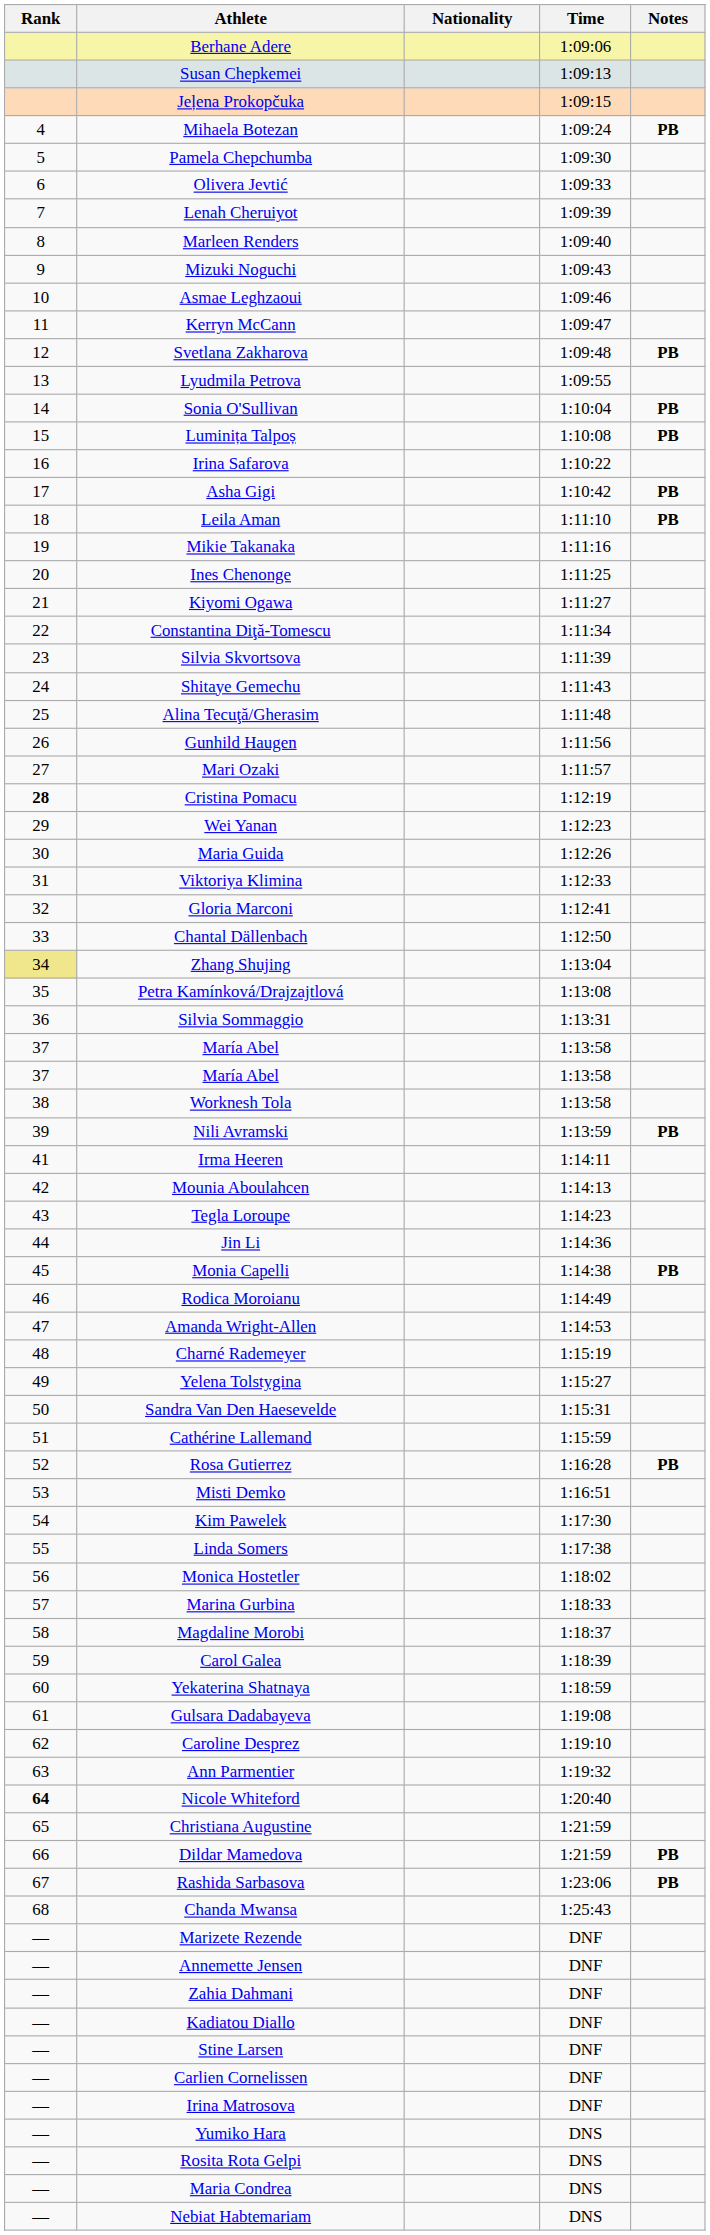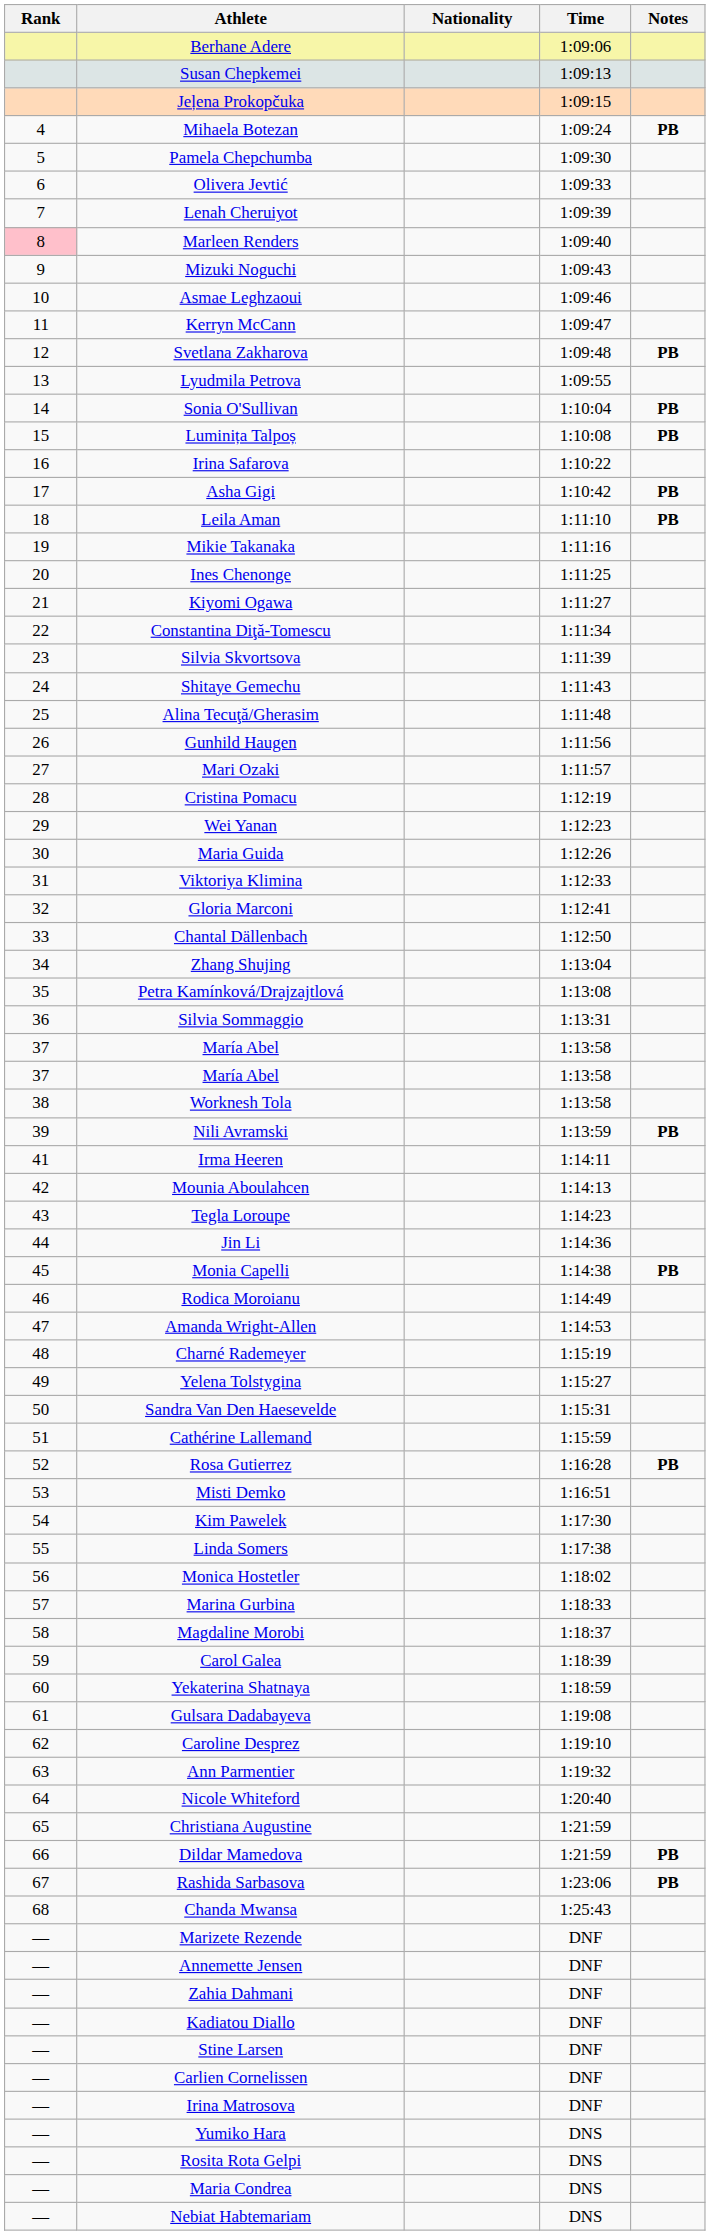 <table class="wikitable sortable" style=" text-align:center; font-size:95%;" width="50%">
 <tr>
 <th>Rank</th>
 <th>Athlete</th>
 <th>Nationality</th>
 <th>Time</th>
 <th>Notes</th>
 </tr>
 <tr bgcolor="#F7F6A8">
 <td align=center></td>
 <td><a href='#'>Berhane Adere</a></td>
 <td></td>
 <td>1:09:06</td>
 <td></td>
 </tr>
 <tr bgcolor="#DCE5E5">
 <td align=center></td>
 <td><a href='#'>Susan Chepkemei</a></td>
 <td></td>
 <td>1:09:13</td>
 <td></td>
 </tr>
 <tr bgcolor="#FFDAB9">
 <td align=center></td>
 <td><a href='#'>Jeļena Prokopčuka</a></td>
 <td></td>
 <td>1:09:15</td>
 <td></td>
 </tr>
 <tr>
 <td align=center>4</td>
 <td><a href='#'>Mihaela Botezan</a></td>
 <td></td>
 <td>1:09:24</td>
 <td><strong>PB</strong></td>
 </tr>
 <tr>
 <td align=center>5</td>
 <td><a href='#'>Pamela Chepchumba</a></td>
 <td></td>
 <td>1:09:30</td>
 <td></td>
 </tr>
 <tr>
 <td align=center>6</td>
 <td><a href='#'>Olivera Jevtić</a></td>
 <td></td>
 <td>1:09:33</td>
 <td></td>
 </tr>
 <tr>
 <td align=center>7</td>
 <td><a href='#'>Lenah Cheruiyot</a></td>
 <td></td>
 <td>1:09:39</td>
 <td></td>
 </tr>
 <tr>
-<td align=center>8</td>
+<td align=center style="background: pink;">8</td>
 <td><a href='#'>Marleen Renders</a></td>
 <td></td>
 <td>1:09:40</td>
 <td></td>
 </tr>
 <tr>
 <td align=center>9</td>
 <td><a href='#'>Mizuki Noguchi</a></td>
 <td></td>
 <td>1:09:43</td>
 <td></td>
 </tr>
 <tr>
 <td align=center>10</td>
 <td><a href='#'>Asmae Leghzaoui</a></td>
 <td></td>
 <td>1:09:46</td>
 <td></td>
 </tr>
 <tr>
 <td align=center>11</td>
 <td><a href='#'>Kerryn McCann</a></td>
 <td></td>
 <td>1:09:47</td>
 <td></td>
 </tr>
 <tr>
 <td align=center>12</td>
 <td><a href='#'>Svetlana Zakharova</a></td>
 <td></td>
 <td>1:09:48</td>
 <td><strong>PB</strong></td>
 </tr>
 <tr>
 <td align=center>13</td>
 <td><a href='#'>Lyudmila Petrova</a></td>
 <td></td>
 <td>1:09:55</td>
 <td></td>
 </tr>
 <tr>
 <td align=center>14</td>
 <td><a href='#'>Sonia O'Sullivan</a></td>
 <td></td>
 <td>1:10:04</td>
 <td><strong>PB</strong></td>
 </tr>
 <tr>
 <td align=center>15</td>
 <td><a href='#'>Luminița Talpoș</a></td>
 <td></td>
 <td>1:10:08</td>
 <td><strong>PB</strong></td>
 </tr>
 <tr>
 <td align=center>16</td>
 <td><a href='#'>Irina Safarova</a></td>
 <td></td>
 <td>1:10:22</td>
 <td></td>
 </tr>
 <tr>
 <td align=center>17</td>
 <td><a href='#'>Asha Gigi</a></td>
 <td></td>
 <td>1:10:42</td>
 <td><strong>PB</strong></td>
 </tr>
 <tr>
 <td align=center>18</td>
 <td><a href='#'>Leila Aman</a></td>
 <td></td>
 <td>1:11:10</td>
 <td><strong>PB</strong></td>
 </tr>
 <tr>
 <td align=center>19</td>
 <td><a href='#'>Mikie Takanaka</a></td>
 <td></td>
 <td>1:11:16</td>
 <td></td>
 </tr>
 <tr>
 <td align=center>20</td>
 <td><a href='#'>Ines Chenonge</a></td>
 <td></td>
 <td>1:11:25</td>
 <td></td>
 </tr>
 <tr>
 <td align=center>21</td>
 <td><a href='#'>Kiyomi Ogawa</a></td>
 <td></td>
 <td>1:11:27</td>
 <td></td>
 </tr>
 <tr>
 <td align=center>22</td>
 <td><a href='#'>Constantina Diţă-Tomescu</a></td>
 <td></td>
 <td>1:11:34</td>
 <td></td>
 </tr>
 <tr>
 <td align=center>23</td>
 <td><a href='#'>Silvia Skvortsova</a></td>
 <td></td>
 <td>1:11:39</td>
 <td></td>
 </tr>
 <tr>
 <td align=center>24</td>
 <td><a href='#'>Shitaye Gemechu</a></td>
 <td></td>
 <td>1:11:43</td>
 <td></td>
 </tr>
 <tr>
 <td align=center>25</td>
 <td><a href='#'>Alina Tecuţă/Gherasim</a></td>
 <td></td>
 <td>1:11:48</td>
 <td></td>
 </tr>
 <tr>
 <td align=center>26</td>
 <td><a href='#'>Gunhild Haugen</a></td>
 <td></td>
 <td>1:11:56</td>
 <td></td>
 </tr>
 <tr>
 <td align=center>27</td>
 <td><a href='#'>Mari Ozaki</a></td>
 <td></td>
 <td>1:11:57</td>
 <td></td>
 </tr>
 <tr>
-<td align=center><strong>28</strong></td>
+<td align=center>28</td>
 <td><a href='#'>Cristina Pomacu</a></td>
 <td></td>
 <td>1:12:19</td>
 <td></td>
 </tr>
 <tr>
 <td align=center>29</td>
 <td><a href='#'>Wei Yanan</a></td>
 <td></td>
 <td>1:12:23</td>
 <td></td>
 </tr>
 <tr>
 <td align=center>30</td>
 <td><a href='#'>Maria Guida</a></td>
 <td></td>
 <td>1:12:26</td>
 <td></td>
 </tr>
 <tr>
 <td align=center>31</td>
 <td><a href='#'>Viktoriya Klimina</a></td>
 <td></td>
 <td>1:12:33</td>
 <td></td>
 </tr>
 <tr>
 <td align=center>32</td>
 <td><a href='#'>Gloria Marconi</a></td>
 <td></td>
 <td>1:12:41</td>
 <td></td>
 </tr>
 <tr>
 <td align=center>33</td>
 <td><a href='#'>Chantal Dällenbach</a></td>
 <td></td>
 <td>1:12:50</td>
 <td></td>
 </tr>
 <tr>
-<td align=center style="background: khaki;">34</td>
+<td align=center>34</td>
 <td><a href='#'>Zhang Shujing</a></td>
 <td></td>
 <td>1:13:04</td>
 <td></td>
 </tr>
 <tr>
 <td align=center>35</td>
 <td><a href='#'>Petra Kamínková/Drajzajtlová</a></td>
 <td></td>
 <td>1:13:08</td>
 <td></td>
 </tr>
 <tr>
 <td align=center>36</td>
 <td><a href='#'>Silvia Sommaggio</a></td>
 <td></td>
 <td>1:13:31</td>
 <td></td>
 </tr>
 <tr>
 <td align=center>37</td>
 <td><a href='#'>María Abel</a></td>
 <td></td>
 <td>1:13:58</td>
 <td></td>
 </tr>
 <tr>
 <td align=center>37</td>
 <td><a href='#'>María Abel</a></td>
 <td></td>
 <td>1:13:58</td>
 <td></td>
 </tr>
 <tr>
 <td align=center>38</td>
 <td><a href='#'>Worknesh Tola</a></td>
 <td></td>
 <td>1:13:58</td>
 <td></td>
 </tr>
 <tr>
 <td align=center>39</td>
 <td><a href='#'>Nili Avramski</a></td>
 <td></td>
 <td>1:13:59</td>
 <td><strong>PB</strong></td>
 </tr>
 <tr>
 <td align=center>41</td>
 <td><a href='#'>Irma Heeren</a></td>
 <td></td>
 <td>1:14:11</td>
 <td></td>
 </tr>
 <tr>
 <td align=center>42</td>
 <td><a href='#'>Mounia Aboulahcen</a></td>
 <td></td>
 <td>1:14:13</td>
 <td></td>
 </tr>
 <tr>
 <td align=center>43</td>
 <td><a href='#'>Tegla Loroupe</a></td>
 <td></td>
 <td>1:14:23</td>
 <td></td>
 </tr>
 <tr>
 <td align=center>44</td>
 <td><a href='#'>Jin Li</a></td>
 <td></td>
 <td>1:14:36</td>
 <td></td>
 </tr>
 <tr>
 <td align=center>45</td>
 <td><a href='#'>Monia Capelli</a></td>
 <td></td>
 <td>1:14:38</td>
 <td><strong>PB</strong></td>
 </tr>
 <tr>
 <td align=center>46</td>
 <td><a href='#'>Rodica Moroianu</a></td>
 <td></td>
 <td>1:14:49</td>
 <td></td>
 </tr>
 <tr>
 <td align=center>47</td>
 <td><a href='#'>Amanda Wright-Allen</a></td>
 <td></td>
 <td>1:14:53</td>
 <td></td>
 </tr>
 <tr>
 <td align=center>48</td>
 <td><a href='#'>Charné Rademeyer</a></td>
 <td></td>
 <td>1:15:19</td>
 <td></td>
 </tr>
 <tr>
 <td align=center>49</td>
 <td><a href='#'>Yelena Tolstygina</a></td>
 <td></td>
 <td>1:15:27</td>
 <td></td>
 </tr>
 <tr>
 <td align=center>50</td>
 <td><a href='#'>Sandra Van Den Haesevelde</a></td>
 <td></td>
 <td>1:15:31</td>
 <td></td>
 </tr>
 <tr>
 <td align=center>51</td>
 <td><a href='#'>Cathérine Lallemand</a></td>
 <td></td>
 <td>1:15:59</td>
 <td></td>
 </tr>
 <tr>
 <td align=center>52</td>
 <td><a href='#'>Rosa Gutierrez</a></td>
 <td></td>
 <td>1:16:28</td>
 <td><strong>PB</strong></td>
 </tr>
 <tr>
 <td align=center>53</td>
 <td><a href='#'>Misti Demko</a></td>
 <td></td>
 <td>1:16:51</td>
 <td></td>
 </tr>
 <tr>
 <td align=center>54</td>
 <td><a href='#'>Kim Pawelek</a></td>
 <td></td>
 <td>1:17:30</td>
 <td></td>
 </tr>
 <tr>
 <td align=center>55</td>
 <td><a href='#'>Linda Somers</a></td>
 <td></td>
 <td>1:17:38</td>
 <td></td>
 </tr>
 <tr>
 <td align=center>56</td>
 <td><a href='#'>Monica Hostetler</a></td>
 <td></td>
 <td>1:18:02</td>
 <td></td>
 </tr>
 <tr>
 <td align=center>57</td>
 <td><a href='#'>Marina Gurbina</a></td>
 <td></td>
 <td>1:18:33</td>
 <td></td>
 </tr>
 <tr>
 <td align=center>58</td>
 <td><a href='#'>Magdaline Morobi</a></td>
 <td></td>
 <td>1:18:37</td>
 <td></td>
 </tr>
 <tr>
 <td align=center>59</td>
 <td><a href='#'>Carol Galea</a></td>
 <td></td>
 <td>1:18:39</td>
 <td></td>
 </tr>
 <tr>
 <td align=center>60</td>
 <td><a href='#'>Yekaterina Shatnaya</a></td>
 <td></td>
 <td>1:18:59</td>
 <td></td>
 </tr>
 <tr>
 <td align=center>61</td>
 <td><a href='#'>Gulsara Dadabayeva</a></td>
 <td></td>
 <td>1:19:08</td>
 <td></td>
 </tr>
 <tr>
 <td align=center>62</td>
 <td><a href='#'>Caroline Desprez</a></td>
 <td></td>
 <td>1:19:10</td>
 <td></td>
 </tr>
 <tr>
 <td align=center>63</td>
 <td><a href='#'>Ann Parmentier</a></td>
 <td></td>
 <td>1:19:32</td>
 <td></td>
 </tr>
 <tr>
-<td align=center><strong>64</strong></td>
+<td align=center>64</td>
 <td><a href='#'>Nicole Whiteford</a></td>
 <td></td>
 <td>1:20:40</td>
 <td></td>
 </tr>
 <tr>
 <td align=center>65</td>
 <td><a href='#'>Christiana Augustine</a></td>
 <td></td>
 <td>1:21:59</td>
 <td></td>
 </tr>
 <tr>
 <td align=center>66</td>
 <td><a href='#'>Dildar Mamedova</a></td>
 <td></td>
 <td>1:21:59</td>
 <td><strong>PB</strong></td>
 </tr>
 <tr>
 <td align=center>67</td>
 <td><a href='#'>Rashida Sarbasova</a></td>
 <td></td>
 <td>1:23:06</td>
 <td><strong>PB</strong></td>
 </tr>
 <tr>
 <td align=center>68</td>
 <td><a href='#'>Chanda Mwansa</a></td>
 <td></td>
 <td>1:25:43</td>
 <td></td>
 </tr>
 <tr>
 <td align=center>—</td>
 <td><a href='#'>Marizete Rezende</a></td>
 <td></td>
 <td>DNF</td>
 <td></td>
 </tr>
 <tr>
 <td align=center>—</td>
 <td><a href='#'>Annemette Jensen</a></td>
 <td></td>
 <td>DNF</td>
 <td></td>
 </tr>
 <tr>
 <td align=center>—</td>
 <td><a href='#'>Zahia Dahmani</a></td>
 <td></td>
 <td>DNF</td>
 <td></td>
 </tr>
 <tr>
 <td align=center>—</td>
 <td><a href='#'>Kadiatou Diallo</a></td>
 <td></td>
 <td>DNF</td>
 <td></td>
 </tr>
 <tr>
 <td align=center>—</td>
 <td><a href='#'>Stine Larsen</a></td>
 <td></td>
 <td>DNF</td>
 <td></td>
 </tr>
 <tr>
 <td align=center>—</td>
 <td><a href='#'>Carlien Cornelissen</a></td>
 <td></td>
 <td>DNF</td>
 <td></td>
 </tr>
 <tr>
 <td align=center>—</td>
 <td><a href='#'>Irina Matrosova</a></td>
 <td></td>
 <td>DNF</td>
 <td></td>
 </tr>
 <tr>
 <td align=center>—</td>
 <td><a href='#'>Yumiko Hara</a></td>
 <td></td>
 <td>DNS</td>
 <td></td>
 </tr>
 <tr>
 <td align=center>—</td>
 <td><a href='#'>Rosita Rota Gelpi</a></td>
 <td></td>
 <td>DNS</td>
 <td></td>
 </tr>
 <tr>
 <td align=center>—</td>
 <td><a href='#'>Maria Condrea</a></td>
 <td></td>
 <td>DNS</td>
 <td></td>
 </tr>
 <tr>
 <td align=center>—</td>
 <td><a href='#'>Nebiat Habtemariam</a></td>
 <td></td>
 <td>DNS</td>
 <td></td>
 </tr>
 </table>
